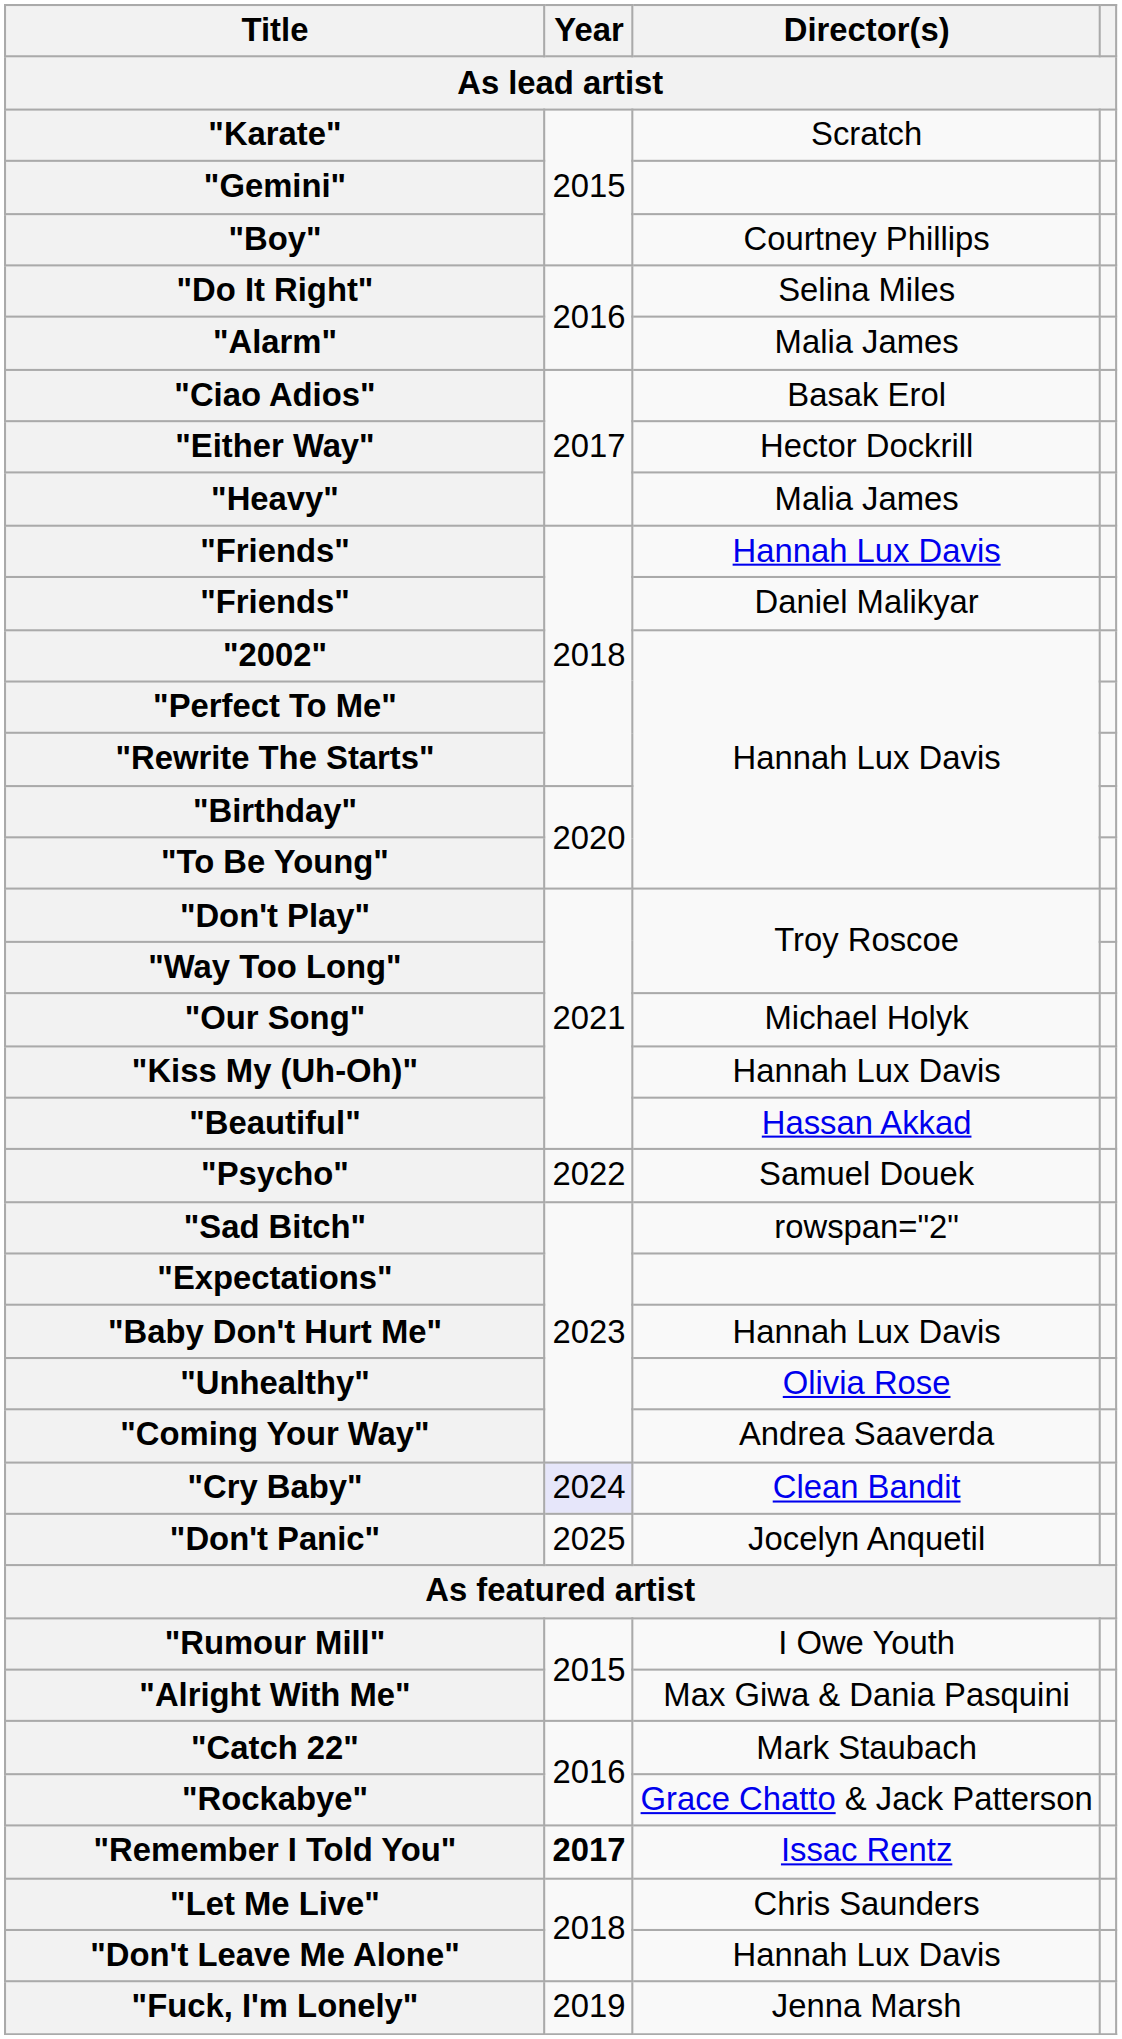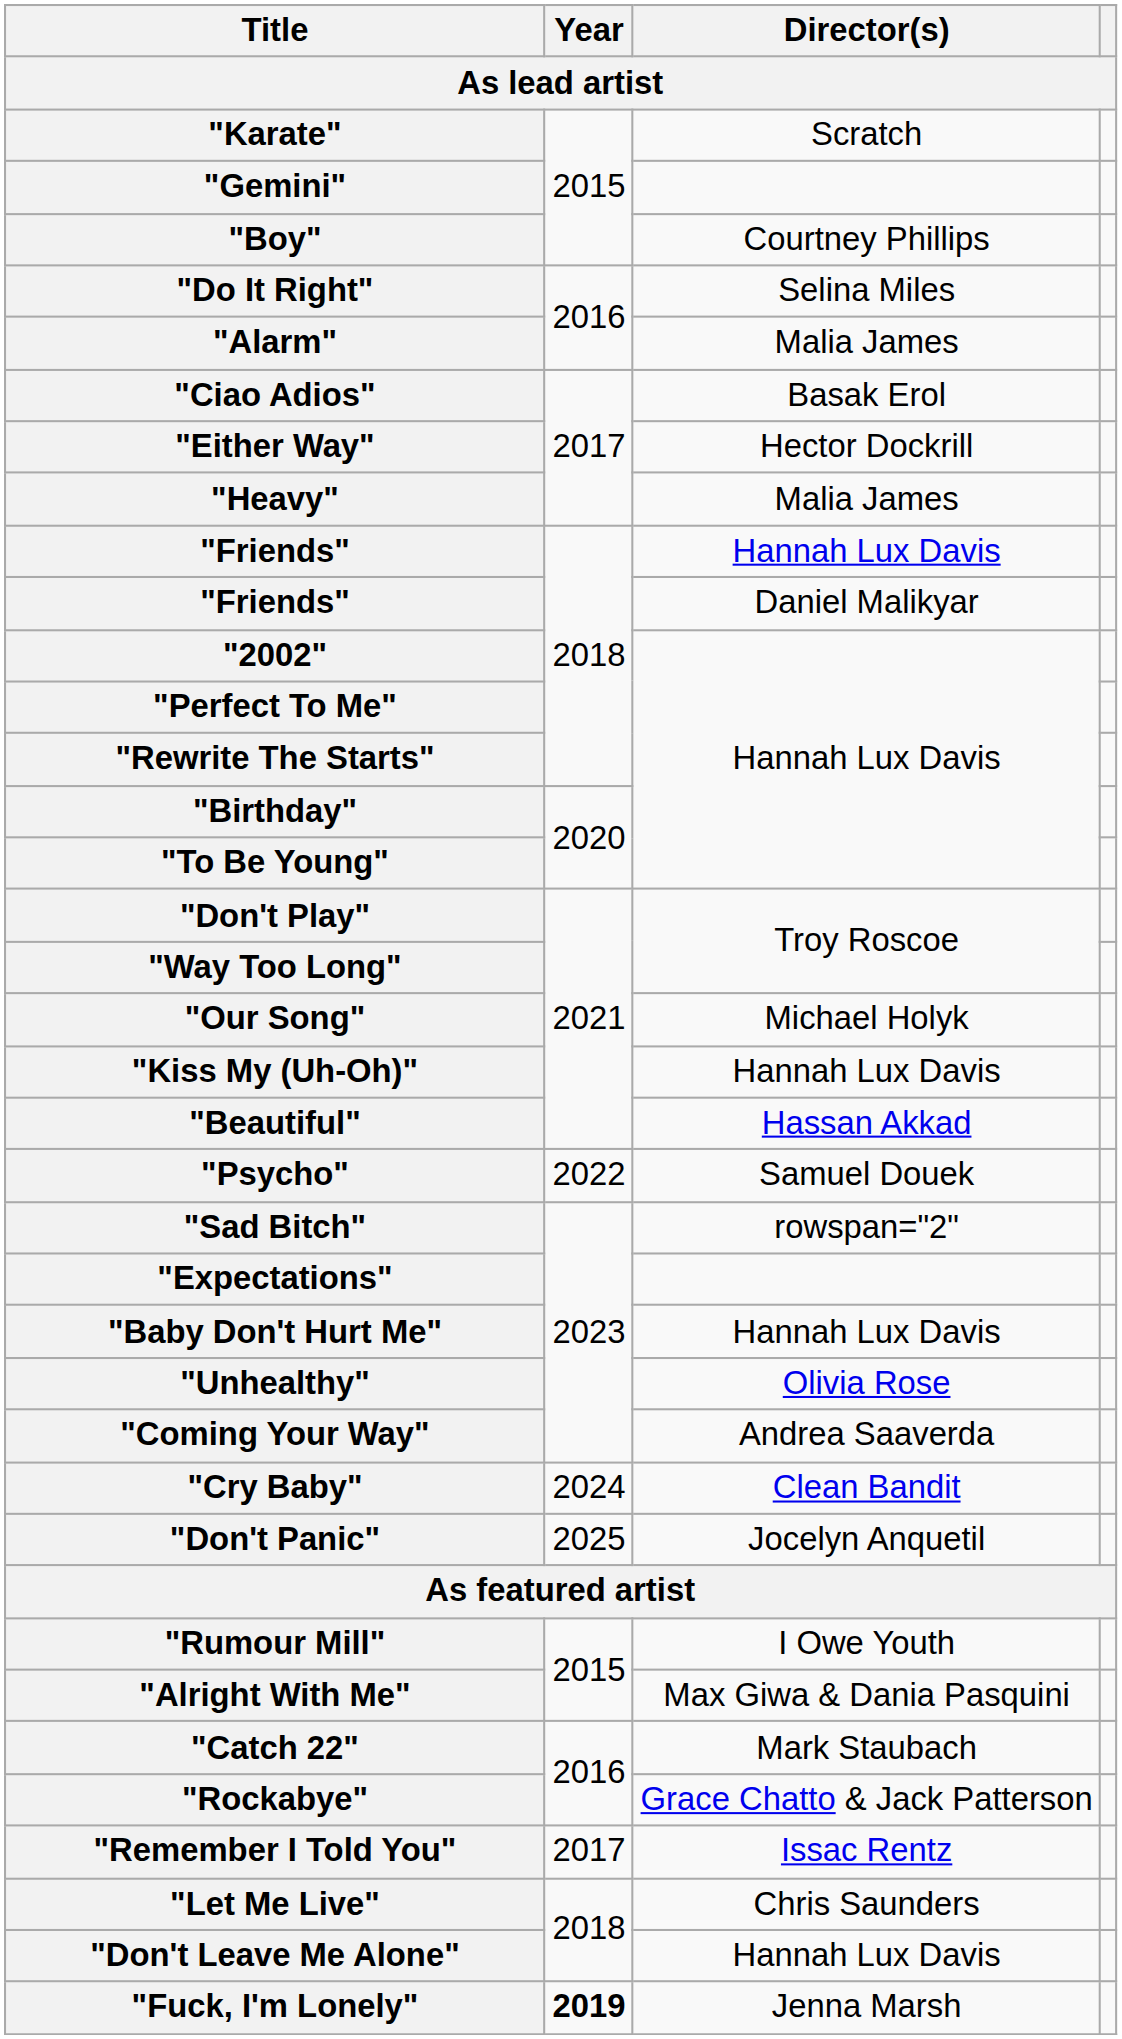 <table class="wikitable plainrowheaders" style="text-align:center">
 <tr>
 <th scope="col" style="width:16em;">Title</th>
 <th scope="col" style="width:1em;">Year</th>
 <th scope="col">Director(s)</th>
 <th scope="col"></th>
 </tr>
 <tr>
 <th scope="col" colspan="4">As lead artist</th>
 </tr>
 <tr>
 <th scope="row">"Karate"</th>
 <td rowspan="3">2015</td>
 <td>Scratch</td>
 <td></td>
 </tr>
 <tr https://youtu.be/gHaS55m_IzE?si=APbHFLDVqt1Xm7aH>
 <th scope="row">"Gemini"</th>
 <td></td>
 <td></td>
 </tr>
 <tr>
 <th scope="row">"Boy"</th>
 <td>Courtney Phillips</td>
 <td></td>
 </tr>
 <tr>
 <th scope="row">"Do It Right"</th>
 <td rowspan="2">2016</td>
 <td>Selina Miles</td>
 <td></td>
 </tr>
 <tr>
 <th scope="row">"Alarm"</th>
 <td>Malia James</td>
 <td></td>
 </tr>
 <tr>
 <th scope="row">"Ciao Adios"</th>
 <td rowspan="3">2017</td>
 <td>Basak Erol</td>
 <td></td>
 </tr>
 <tr>
 <th scope="row">"Either Way"<br></th>
 <td>Hector Dockrill</td>
 <td></td>
 </tr>
 <tr>
 <th scope="row">"Heavy"</th>
 <td>Malia James</td>
 <td></td>
 </tr>
 <tr>
 <th scope="row">"Friends"<br></th>
 <td rowspan="5">2018</td>
 <td><a href='#'>Hannah Lux Davis</a></td>
 <td></td>
 </tr>
 <tr>
 <th scope="row">"Friends"<br></th>
 <td>Daniel Malikyar</td>
 <td></td>
 </tr>
 <tr>
 <th scope="row">"2002"</th>
 <td rowspan="5">Hannah Lux Davis</td>
 <td></td>
 </tr>
 <tr>
 <th scope="row">"Perfect To Me"</th>
 <td></td>
 </tr>
 <tr>
 <th scope="row">"Rewrite The Starts"<br></th>
 <td></td>
 </tr>
 <tr>
 <th scope="row">"Birthday"</th>
 <td rowspan="2">2020</td>
 <td></td>
 </tr>
 <tr>
 <th scope="row">"To Be Young"<br></th>
 <td></td>
 </tr>
 <tr>
 <th scope="row">"Don't Play"<br></th>
 <td rowspan="5">2021</td>
 <td rowspan="2">Troy Roscoe</td>
 <td></td>
 </tr>
 <tr>
 <th scope="row">"Way Too Long"<br></th>
 <td></td>
 </tr>
 <tr>
 <th scope="row">"Our Song"<br></th>
 <td>Michael Holyk</td>
 <td></td>
 </tr>
 <tr>
 <th scope="row">"Kiss My (Uh-Oh)"<br></th>
 <td>Hannah Lux Davis</td>
 <td></td>
 </tr>
 <tr>
 <th scope="row">"Beautiful"</th>
 <td><a href='#'>Hassan Akkad</a></td>
 <td></td>
 </tr>
 <tr>
 <th scope="row">"Psycho"<br></th>
 <td>2022</td>
 <td>Samuel Douek</td>
 <td></td>
 </tr>
 <tr>
 <th scope="row">"Sad Bitch"</th>
 <td rowspan="5">2023</td>
 <td>rowspan="2" </td>
 <td></td>
 </tr>
 <tr>
 <th scope="row">"Expectations"<br></th>
 <td></td>
 </tr>
 <tr>
 <th scope="row">"Baby Don't Hurt Me"<br></th>
 <td>Hannah Lux Davis</td>
 <td></td>
 </tr>
 <tr>
 <th scope="row">"Unhealthy"<br></th>
 <td><a href='#'>Olivia Rose</a></td>
 <td></td>
 </tr>
 <tr>
 <th scope="row">"Coming Your Way"<br></th>
 <td>Andrea Saaverda</td>
 <td></td>
 </tr>
 <tr>
 <th scope="row">"Cry Baby"<br></th>
-<td style="background: lavender;">2024</td>
+<td>2024</td>
 <td><a href='#'>Clean Bandit</a></td>
 <td></td>
 </tr>
 <tr>
 <th scope="row">"Don't Panic"</th>
 <td>2025</td>
 <td>Jocelyn Anquetil</td>
 <td></td>
 </tr>
 <tr>
 <th scope="col" colspan="4">As featured artist</th>
 </tr>
 <tr>
 <th scope="row">"Rumour Mill"<br></th>
 <td rowspan="2">2015</td>
 <td>I Owe Youth</td>
 <td></td>
 </tr>
 <tr>
 <th scope="row">"Alright With Me"<br></th>
 <td>Max Giwa & Dania Pasquini</td>
 <td></td>
 </tr>
 <tr>
 <th scope="row">"Catch 22"<br></th>
 <td rowspan="2">2016</td>
 <td>Mark Staubach</td>
 <td></td>
 </tr>
 <tr>
 <th scope="row">"Rockabye"<br></th>
 <td><a href='#'>Grace Chatto</a> & Jack Patterson</td>
 <td></td>
 </tr>
 <tr>
 <th scope="row">"Remember I Told You"<br></th>
-<td><strong>2017</strong></td>
+<td>2017</td>
 <td><a href='#'>Issac Rentz</a></td>
 <td></td>
 </tr>
 <tr>
 <th scope="row">"Let Me Live"<br></th>
 <td rowspan="2">2018</td>
 <td>Chris Saunders</td>
 <td></td>
 </tr>
 <tr>
 <th scope="row">"Don't Leave Me Alone"<br></th>
 <td>Hannah Lux Davis</td>
 <td></td>
 </tr>
 <tr>
 <th scope="row">"Fuck, I'm Lonely"<br></th>
-<td>2019</td>
+<td><strong>2019</strong></td>
 <td>Jenna Marsh</td>
 <td></td>
 </tr>
 <tr>
 </tr>
 </table>
